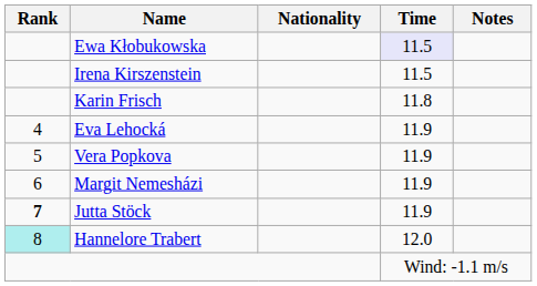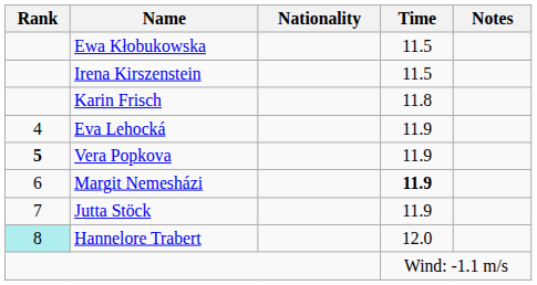 <table class="wikitable sortable" style="text-align:center;width: 55%">
 <tr>
 <th>Rank</th>
 <th>Name</th>
 <th>Nationality</th>
 <th>Time</th>
 <th>Notes</th>
 </tr>
 <tr>
 <td></td>
 <td align=left><a href='#'>Ewa Kłobukowska</a></td>
 <td align=left></td>
-<td style="background: lavender;">11.5</td>
+<td>11.5</td>
 <td></td>
 </tr>
 <tr>
 <td></td>
 <td align=left><a href='#'>Irena Kirszenstein</a></td>
 <td align=left></td>
 <td>11.5</td>
 <td></td>
 </tr>
 <tr>
 <td></td>
 <td align=left><a href='#'>Karin Frisch</a></td>
 <td align=left></td>
 <td>11.8</td>
 <td></td>
 </tr>
 <tr>
 <td>4</td>
 <td align=left><a href='#'>Eva Lehocká</a></td>
 <td align=left></td>
 <td>11.9</td>
 <td></td>
 </tr>
 <tr>
-<td>5</td>
+<td><strong>5</strong></td>
 <td align=left><a href='#'>Vera Popkova</a></td>
 <td align=left></td>
 <td>11.9</td>
 <td></td>
 </tr>
 <tr>
 <td>6</td>
 <td align=left><a href='#'>Margit Nemesházi</a></td>
 <td align=left></td>
-<td>11.9</td>
+<td><strong>11.9</strong></td>
 <td></td>
 </tr>
 <tr>
-<td><strong>7</strong></td>
+<td>7</td>
 <td align=left><a href='#'>Jutta Stöck</a></td>
 <td align=left></td>
 <td>11.9</td>
 <td></td>
 </tr>
 <tr>
 <td style="background: paleturquoise;">8</td>
 <td align=left><a href='#'>Hannelore Trabert</a></td>
 <td align=left></td>
 <td>12.0</td>
 <td></td>
 </tr>
 <tr>
 <td colspan="3"></td>
 <td colspan="2">Wind: -1.1 m/s</td>
 </tr>
 </table>
